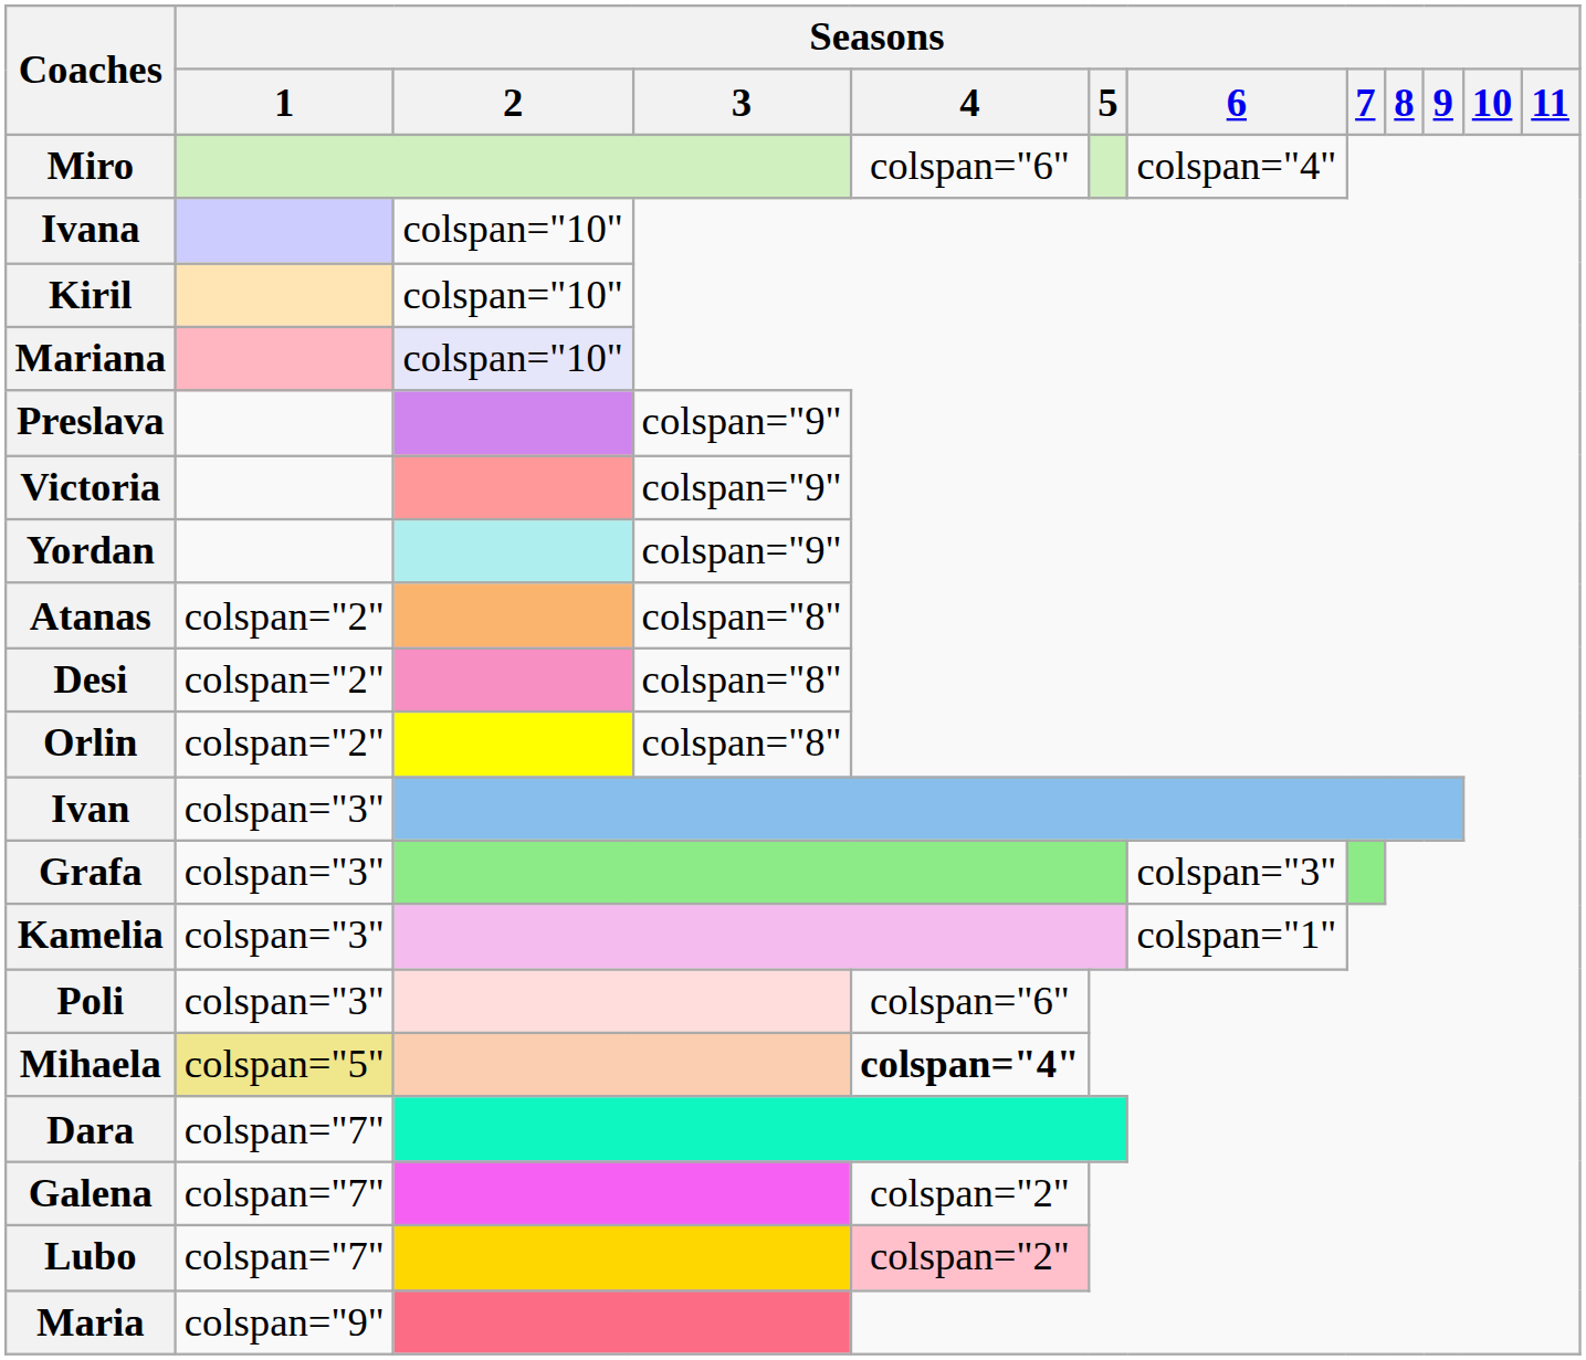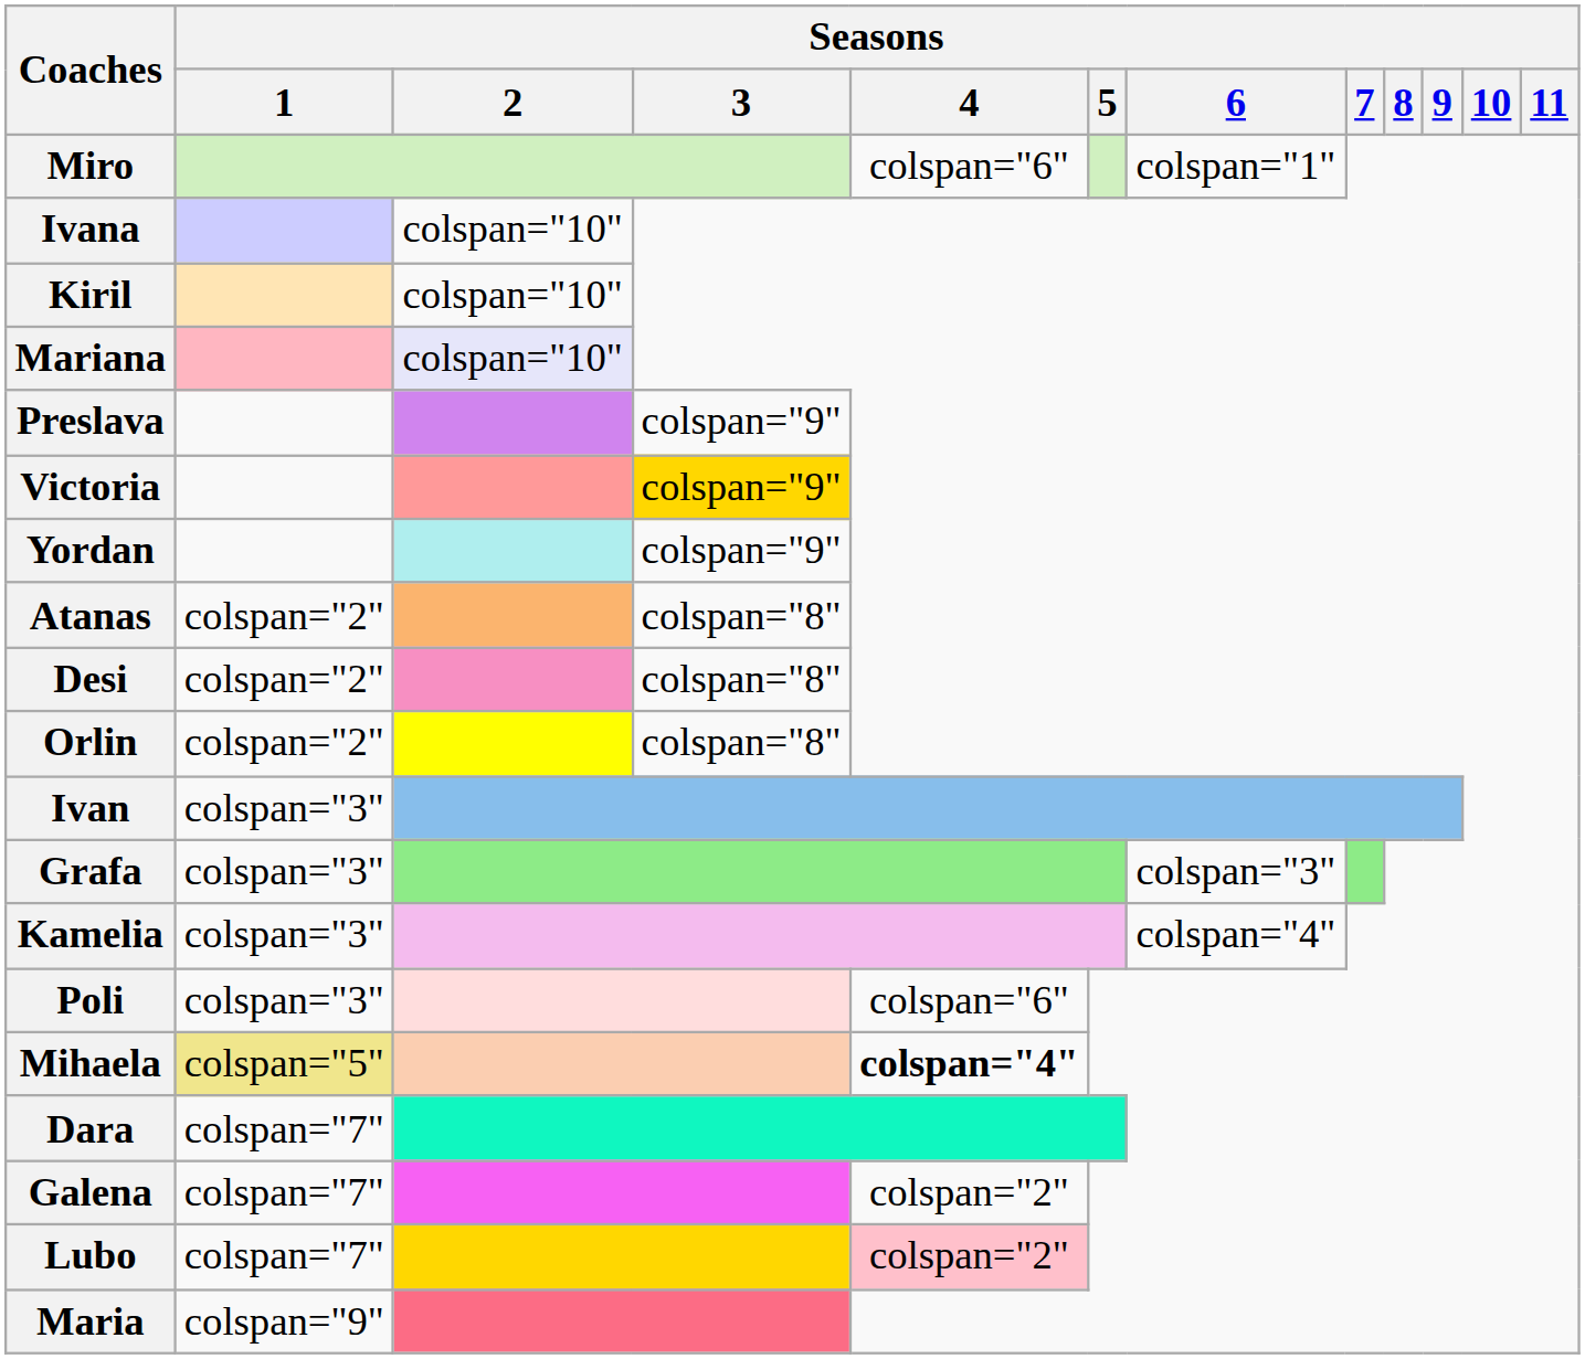 <table class="wikitable" style="text-align:center" width="70%">
 <tr>
 <th rowspan="2" width="15%">Coaches</th>
 <th colspan="11">Seasons</th>
 </tr>
 <tr>
 <th width="05%">1</th>
 <th width="05%">2</th>
 <th width="05%">3</th>
 <th width="05%">4</th>
 <th width="05%">5</th>
 <th width="05%"><a href='#'>6</a></th>
 <th width="05%"><a href='#'>7</a></th>
 <th width="05%"><a href='#'>8</a></th>
 <th width="05%"><a href='#'>9</a></th>
 <th width="05%"><a href='#'>10</a></th>
 <th width="05%"><a href='#'>11</a></th>
 </tr>
 <tr>
 <th>Miro</th>
 <td colspan="3" style="background:#d0f0c0"></td>
 <td>colspan="6" </td>
 <td style="background:#d0f0c0"></td>
-<td>colspan="4" </td>
+<td>colspan="1" </td>
 </tr>
 <tr>
 <th>Ivana</th>
 <td style="background:#ccccff"></td>
 <td>colspan="10" </td>
 </tr>
 <tr>
 <th>Kiril</th>
 <td style="background:#ffe5b4"></td>
 <td>colspan="10" </td>
 </tr>
 <tr>
 <th>Mariana</th>
 <td style="background: lightpink"></td>
 <td style="background: lavender;">colspan="10" </td>
 </tr>
 <tr>
 <th>Preslava</th>
 <td></td>
 <td style="background:#d084ee"></td>
 <td>colspan="9" </td>
 </tr>
 <tr>
 <th>Victoria</th>
 <td></td>
 <td style="background:#ff9999"></td>
-<td>colspan="9" </td>
+<td style="background: gold;">colspan="9" </td>
 </tr>
 <tr>
 <th>Yordan</th>
 <td></td>
 <td style="background:#afeeee"></td>
 <td>colspan="9" </td>
 </tr>
 <tr>
 <th>Atanas</th>
 <td>colspan="2" </td>
 <td style="background:#fbb46e"></td>
 <td>colspan="8" </td>
 </tr>
 <tr>
 <th>Desi</th>
 <td>colspan="2" </td>
 <td style="background:#f78fc2"></td>
 <td>colspan="8" </td>
 </tr>
 <tr>
 <th>Orlin</th>
 <td>colspan="2" </td>
 <td style="background: yellow"></td>
 <td>colspan="8" </td>
 </tr>
 <tr>
 <th>Ivan</th>
 <td>colspan="3" </td>
 <td colspan="8" style="background:#87beeb"></td>
 </tr>
 <tr>
 <th>Grafa</th>
 <td>colspan="3" </td>
 <td colspan="4" style="background:#8deb87"></td>
 <td>colspan="3" </td>
 <td colspan="1" style="background:#8deb87"></td>
 </tr>
 <tr>
 <th>Kamelia</th>
 <td>colspan="3" </td>
 <td colspan="4" style="background:#f4bbee"></td>
-<td>colspan="1" </td>
+<td>colspan="4" </td>
 </tr>
 <tr>
 <th>Poli</th>
 <td>colspan="3" </td>
 <td colspan="2" style="background:#ffdddd"></td>
 <td>colspan="6" </td>
 </tr>
 <tr>
 <th>Mihaela</th>
 <td style="background: khaki;">colspan="5" </td>
 <td colspan="2" style="background:#fbceb1"></td>
 <td><strong>colspan="4" </strong></td>
 </tr>
 <tr>
 <th>Dara</th>
 <td>colspan="7" </td>
 <td colspan="4" style="background:#0ff7c0"></td>
 </tr>
 <tr>
 <th>Galena</th>
 <td>colspan="7" </td>
 <td colspan="2" style="background:#f761f3"></td>
 <td>colspan="2" </td>
 </tr>
 <tr>
 <th>Lubo</th>
 <td>colspan="7" </td>
 <td colspan="2" style="background: gold"></td>
 <td style="background: pink;">colspan="2" </td>
 </tr>
 <tr>
 <th>Maria</th>
 <td>colspan="9" </td>
 <td colspan="2" style="background:#FC6C85"></td>
 </tr>
 </table>
